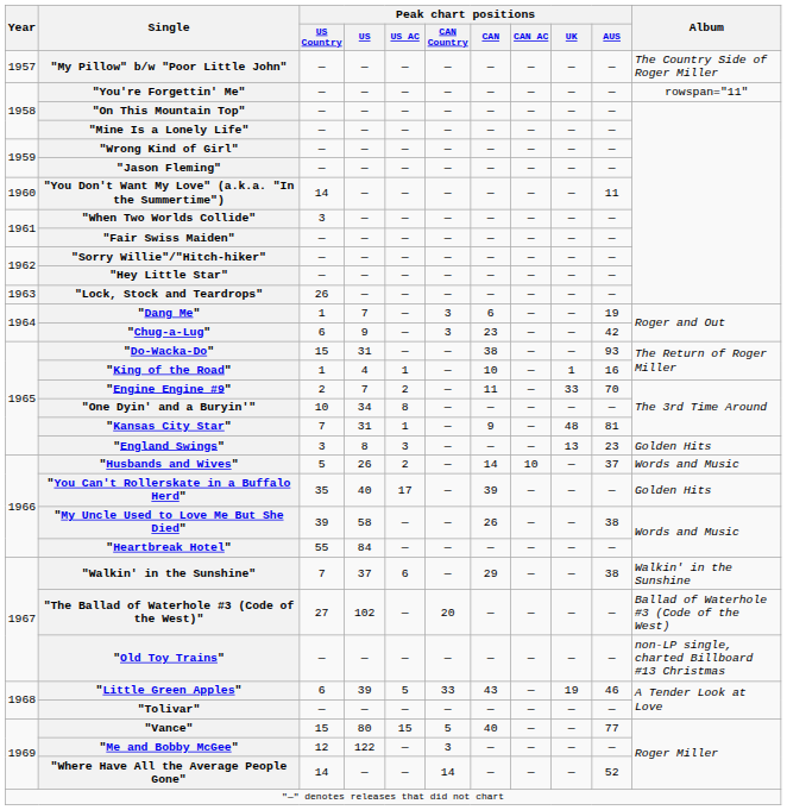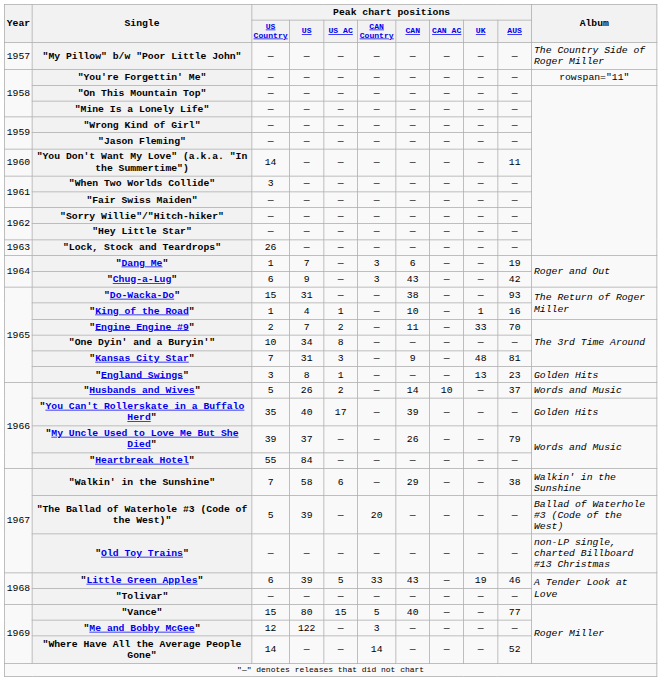 <table class="wikitable plainrowheaders" style="text-align:center;">
 <tr>
 <th rowspan="2">Year</th>
 <th rowspan="2" style="width:22em;">Single</th>
 <th colspan="8">Peak chart positions</th>
 <th rowspan="2">Album</th>
 </tr>
 <tr style="font-size:smaller;">
 <th width="40"><a href='#'>US Country</a></th>
 <th width="40"><a href='#'>US</a></th>
 <th width="40"><a href='#'>US AC</a></th>
 <th width="40"><a href='#'>CAN Country</a></th>
 <th width="40"><a href='#'>CAN</a></th>
 <th width="40"><a href='#'>CAN AC</a></th>
 <th width="40"><a href='#'>UK</a><br></th>
 <th width="40"><a href='#'>AUS</a></th>
 </tr>
 <tr>
 <td>1957</td>
 <th scope="row">"My Pillow" b/w "Poor Little John"</th>
 <td>—</td>
 <td>—</td>
 <td>—</td>
 <td>—</td>
 <td>—</td>
 <td>—</td>
 <td>—</td>
 <td>—</td>
 <td align="left" rowspan="1"><em>The Country Side of Roger Miller</em></td>
 </tr>
 <tr>
 <td rowspan="3">1958</td>
 <th scope="row">"You're Forgettin' Me"</th>
 <td>—</td>
 <td>—</td>
 <td>—</td>
 <td>—</td>
 <td>—</td>
 <td>—</td>
 <td>—</td>
 <td>—</td>
 <td>rowspan="11" </td>
 </tr>
 <tr>
 <th scope="row">"On This Mountain Top"</th>
 <td>—</td>
 <td>—</td>
 <td>—</td>
 <td>—</td>
 <td>—</td>
 <td>—</td>
 <td>—</td>
 <td>—</td>
 </tr>
 <tr>
 <th scope="row">"Mine Is a Lonely Life"</th>
 <td>—</td>
 <td>—</td>
 <td>—</td>
 <td>—</td>
 <td>—</td>
 <td>—</td>
 <td>—</td>
 <td>—</td>
 </tr>
 <tr>
 <td rowspan="2">1959</td>
 <th scope="row">"Wrong Kind of Girl"</th>
 <td>—</td>
 <td>—</td>
 <td>—</td>
 <td>—</td>
 <td>—</td>
 <td>—</td>
 <td>—</td>
 <td>—</td>
 </tr>
 <tr>
 <th scope="row">"Jason Fleming"</th>
 <td>—</td>
 <td>—</td>
 <td>—</td>
 <td>—</td>
 <td>—</td>
 <td>—</td>
 <td>—</td>
 <td>—</td>
 </tr>
 <tr>
 <td>1960</td>
 <th scope="row">"You Don't Want My Love" (a.k.a. "In the Summertime")</th>
 <td>14</td>
 <td>—</td>
 <td>—</td>
 <td>—</td>
 <td>—</td>
 <td>—</td>
 <td>—</td>
 <td>11</td>
 </tr>
 <tr>
 <td rowspan="2">1961</td>
 <th scope="row">"When Two Worlds Collide"</th>
 <td>3</td>
 <td>—</td>
 <td>—</td>
 <td>—</td>
 <td>—</td>
 <td>—</td>
 <td>—</td>
 <td>—</td>
 </tr>
 <tr>
 <th scope="row">"Fair Swiss Maiden"</th>
 <td>—</td>
 <td>—</td>
 <td>—</td>
 <td>—</td>
 <td>—</td>
 <td>—</td>
 <td>—</td>
 <td>—</td>
 </tr>
 <tr>
 <td rowspan="2">1962</td>
 <th scope="row">"Sorry Willie"/"Hitch-hiker"</th>
 <td>—</td>
 <td>—</td>
 <td>—</td>
 <td>—</td>
 <td>—</td>
 <td>—</td>
 <td>—</td>
 <td>—</td>
 </tr>
 <tr>
 <th scope="row">"Hey Little Star"</th>
 <td>—</td>
 <td>—</td>
 <td>—</td>
 <td>—</td>
 <td>—</td>
 <td>—</td>
 <td>—</td>
 <td>—</td>
 </tr>
 <tr>
 <td>1963</td>
 <th scope="row">"Lock, Stock and Teardrops"</th>
 <td>26</td>
 <td>—</td>
 <td>—</td>
 <td>—</td>
 <td>—</td>
 <td>—</td>
 <td>—</td>
 <td>—</td>
 </tr>
 <tr>
 <td rowspan="2">1964</td>
 <th scope="row">"<a href='#'>Dang Me</a>"</th>
 <td>1</td>
 <td>7</td>
 <td>—</td>
 <td>3</td>
 <td>6</td>
 <td>—</td>
 <td>—</td>
 <td>19</td>
 <td align="left" rowspan="2"><em>Roger and Out</em></td>
 </tr>
 <tr>
 <th scope="row">"<a href='#'>Chug-a-Lug</a>"</th>
 <td>6</td>
 <td>9</td>
 <td>—</td>
 <td>3</td>
-<td>23</td>
+<td>43</td>
 <td>—</td>
 <td>—</td>
 <td>42</td>
 </tr>
 <tr>
 <td rowspan="6">1965</td>
 <th scope="row">"<a href='#'>Do-Wacka-Do</a>"</th>
 <td>15</td>
 <td>31</td>
 <td>—</td>
 <td>—</td>
 <td>38</td>
 <td>—</td>
 <td>—</td>
 <td>93</td>
 <td align="left" rowspan="2"><em>The Return of Roger Miller</em></td>
 </tr>
 <tr>
 <th scope="row">"<a href='#'>King of the Road</a>"</th>
 <td>1</td>
 <td>4</td>
 <td>1</td>
 <td>—</td>
 <td>10</td>
 <td>—</td>
 <td>1</td>
 <td>16</td>
 </tr>
 <tr>
 <th scope="row">"<a href='#'>Engine Engine #9</a>"</th>
 <td>2</td>
 <td>7</td>
 <td>2</td>
 <td>—</td>
 <td>11</td>
 <td>—</td>
 <td>33</td>
 <td>70</td>
 <td align="left" rowspan="3"><em>The 3rd Time Around</em></td>
 </tr>
 <tr>
 <th scope="row">"One Dyin' and a Buryin'"</th>
 <td>10</td>
 <td>34</td>
 <td>8</td>
 <td>—</td>
 <td>—</td>
 <td>—</td>
 <td>—</td>
 <td>—</td>
 </tr>
 <tr>
 <th scope="row">"<a href='#'>Kansas City Star</a>"</th>
 <td>7</td>
 <td>31</td>
-<td>1</td>
+<td>3</td>
 <td>—</td>
 <td>9</td>
 <td>—</td>
 <td>48</td>
 <td>81</td>
 </tr>
 <tr>
 <th scope="row">"<a href='#'>England Swings</a>"</th>
 <td>3</td>
 <td>8</td>
-<td>3</td>
+<td>1</td>
 <td>—</td>
 <td>—</td>
 <td>—</td>
 <td>13</td>
 <td>23</td>
 <td align="left"><em>Golden Hits</em></td>
 </tr>
 <tr>
 <td rowspan="4">1966</td>
 <th scope="row">"<a href='#'>Husbands and Wives</a>"</th>
 <td>5</td>
 <td>26</td>
 <td>2</td>
 <td>—</td>
 <td>14</td>
 <td>10</td>
 <td>—</td>
 <td>37</td>
 <td align="left"><em>Words and Music</em></td>
 </tr>
 <tr>
 <th scope="row">"<a href='#'>You Can't Rollerskate in a Buffalo Herd</a>"</th>
 <td>35</td>
 <td>40</td>
 <td>17</td>
 <td>—</td>
 <td>39</td>
 <td>—</td>
 <td>—</td>
 <td>—</td>
 <td align="left"><em>Golden Hits</em></td>
 </tr>
 <tr>
 <th scope="row">"<a href='#'>My Uncle Used to Love Me But She Died</a>"</th>
 <td>39</td>
-<td>58</td>
+<td>37</td>
 <td>—</td>
 <td>—</td>
 <td>26</td>
 <td>—</td>
 <td>—</td>
-<td>38</td>
+<td>79</td>
 <td align="left" rowspan="2"><em>Words and Music</em></td>
 </tr>
 <tr>
 <th scope="row">"<a href='#'>Heartbreak Hotel</a>"</th>
 <td>55</td>
 <td>84</td>
 <td>—</td>
 <td>—</td>
 <td>—</td>
 <td>—</td>
 <td>—</td>
 <td>—</td>
 </tr>
 <tr>
 <td rowspan="3">1967</td>
 <th scope="row">"Walkin' in the Sunshine"</th>
 <td>7</td>
-<td>37</td>
+<td>58</td>
 <td>6</td>
 <td>—</td>
 <td>29</td>
 <td>—</td>
 <td>—</td>
 <td>38</td>
 <td align="left"><em>Walkin' in the Sunshine</em></td>
 </tr>
 <tr>
 <th scope="row">"The Ballad of Waterhole #3 (Code of the West)"</th>
-<td>27</td>
-<td>102</td>
+<td>5</td>
+<td>39</td>
 <td>—</td>
 <td>20</td>
 <td>—</td>
 <td>—</td>
 <td>—</td>
 <td>—</td>
 <td align="left"><em>Ballad of Waterhole #3 (Code of the West)</em></td>
 </tr>
 <tr>
 <th scope="row">"<a href='#'>Old Toy Trains</a>"</th>
 <td>—</td>
 <td>—</td>
 <td>—</td>
 <td>—</td>
 <td>—</td>
 <td>—</td>
 <td>—</td>
 <td>—</td>
 <td align="left"><em>non-LP single, charted Billboard #13 Christmas</em></td>
 </tr>
 <tr>
 <td rowspan="2">1968</td>
 <th scope="row">"<a href='#'>Little Green Apples</a>"</th>
 <td>6</td>
 <td>39</td>
 <td>5</td>
 <td>33</td>
 <td>43</td>
 <td>—</td>
 <td>19</td>
 <td>46</td>
 <td align="left" rowspan="2"><em>A Tender Look at Love</em></td>
 </tr>
 <tr>
 <th scope="row">"Tolivar"</th>
 <td>—</td>
 <td>—</td>
 <td>—</td>
 <td>—</td>
 <td>—</td>
 <td>—</td>
 <td>—</td>
 <td>—</td>
 </tr>
 <tr>
 <td rowspan="3">1969</td>
 <th scope="row">"Vance"</th>
 <td>15</td>
 <td>80</td>
 <td>15</td>
 <td>5</td>
 <td>40</td>
 <td>—</td>
 <td>—</td>
 <td>77</td>
 <td align="left" rowspan="3"><em>Roger Miller</em></td>
 </tr>
 <tr>
 <th scope="row">"<a href='#'>Me and Bobby McGee</a>"</th>
 <td>12</td>
 <td>122</td>
 <td>—</td>
 <td>3</td>
 <td>—</td>
 <td>—</td>
 <td>—</td>
 <td>—</td>
 </tr>
 <tr>
 <th scope="row">"Where Have All the Average People Gone"</th>
 <td>14</td>
 <td>—</td>
 <td>—</td>
 <td>14</td>
 <td>—</td>
 <td>—</td>
 <td>—</td>
 <td>52</td>
 </tr>
 <tr>
 <td colspan="11" style="font-size: 8pt">"—" denotes releases that did not chart</td>
 </tr>
 </table>
